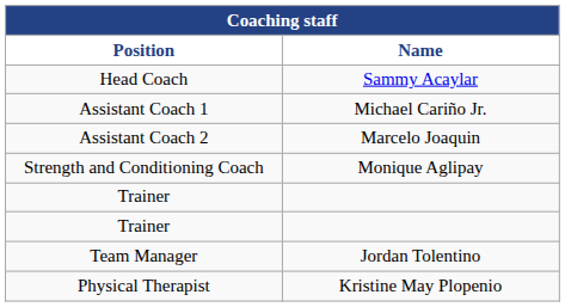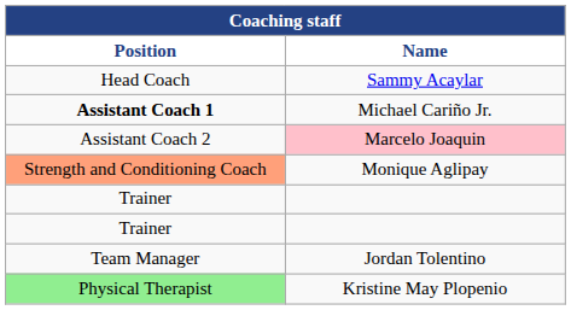 <table class="wikitable sortable" style="font-size:90%; text-align:center;">
 <tr>
 <th colspan="5" style= "background:#244183; color:white; text-align: center"><strong>Coaching staff</strong></th>
 </tr>
 <tr align=center>
 <th style="width:15em; background:white; color:#244183;">Position</th>
 <th style="width:15em; background:white; color:#244183;">Name</th>
 </tr>
 <tr>
 <td>Head Coach</td>
 <td> <a href='#'>Sammy Acaylar</a></td>
 </tr>
 <tr>
-<td>Assistant Coach 1</td>
+<td><strong>Assistant Coach 1</strong></td>
 <td> Michael Cariño Jr.</td>
 </tr>
 <tr>
 <td>Assistant Coach 2</td>
-<td> Marcelo Joaquin</td>
+<td style="background: pink;"> Marcelo Joaquin</td>
 </tr>
 <tr>
-<td>Strength and Conditioning Coach</td>
+<td style="background: lightsalmon;">Strength and Conditioning Coach</td>
 <td> Monique Aglipay</td>
 </tr>
 <tr>
 <td>Trainer</td>
 <td></td>
 </tr>
 <tr>
 <td>Trainer</td>
 <td></td>
 </tr>
 <tr>
 <td>Team Manager</td>
 <td> Jordan Tolentino</td>
 </tr>
 <tr>
-<td>Physical Therapist</td>
+<td style="background: lightgreen;">Physical Therapist</td>
 <td> Kristine May Plopenio</td>
 </tr>
 </table>
